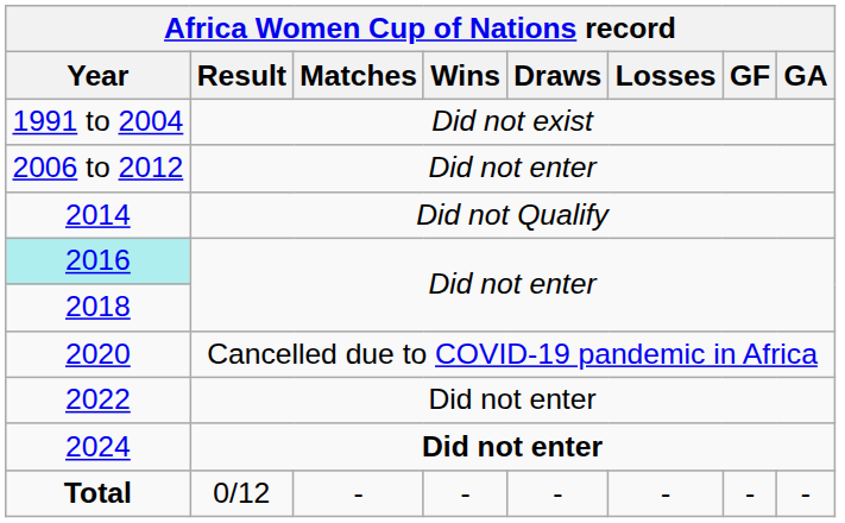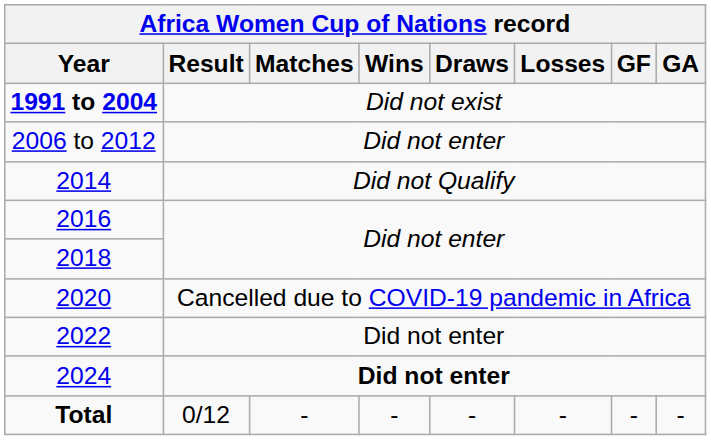 <table class="wikitable" style="text-align: center;">
 <tr>
 <th colspan=8><a href='#'>Africa Women Cup of Nations</a> record</th>
 </tr>
 <tr>
 <th>Year</th>
 <th>Result</th>
 <th>Matches</th>
 <th>Wins</th>
 <th>Draws</th>
 <th>Losses</th>
 <th>GF</th>
 <th>GA</th>
 </tr>
 <tr>
-<td><a href='#'>1991</a> to  <a href='#'>2004</a></td>
+<td><strong><a href='#'>1991</a> to  <a href='#'>2004</a></strong></td>
 <td colspan=8><em>Did not exist</em></td>
 </tr>
 <tr>
 <td> <a href='#'>2006</a> to  <a href='#'>2012</a></td>
 <td colspan=8><em>Did not enter</em></td>
 </tr>
 <tr>
 <td> <a href='#'>2014</a></td>
 <td colspan=8><em>Did not Qualify</em></td>
 </tr>
 <tr>
-<td style="background: paleturquoise;"> <a href='#'>2016</a></td>
+<td> <a href='#'>2016</a></td>
 <td colspan=8 rowspan=2><em>Did not enter</em></td>
 </tr>
 <tr>
 <td> <a href='#'>2018</a></td>
 </tr>
 <tr>
 <td> <a href='#'>2020</a></td>
 <td colspan=8>Cancelled due to <a href='#'>COVID-19 pandemic in Africa</a></td>
 </tr>
 <tr>
 <td> <a href='#'>2022</a></td>
 <td colspan=8>Did not enter</td>
 </tr>
 <tr>
 <td> <a href='#'>2024</a></td>
 <td colspan=8><strong> Did not enter </strong></td>
 </tr>
 <tr>
 <td><strong>Total</strong></td>
 <td>0/12</td>
 <td>-</td>
 <td>-</td>
 <td>-</td>
 <td>-</td>
 <td>-</td>
 <td>-</td>
 </tr>
 </table>
